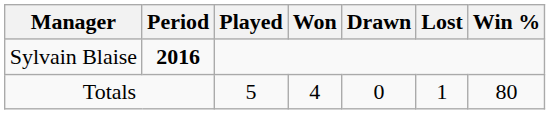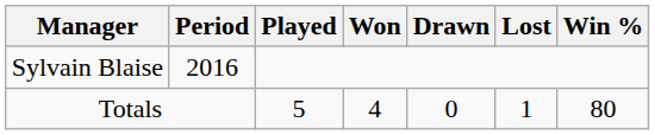 <table class="wikitable sortable" style="text-align:center;">
 <tr>
 <th>Manager</th>
 <th>Period</th>
 <th>Played</th>
 <th>Won</th>
 <th>Drawn</th>
 <th>Lost</th>
 <th>Win %</th>
 </tr>
 <tr>
 <td style="text-align: left;"> Sylvain Blaise</td>
-<td><strong>2016<br></strong></td>
+<td>2016<br></td>
 </tr>
 <tr>
 <td colspan="2">Totals</td>
 <td>5</td>
 <td>4</td>
 <td>0</td>
 <td>1</td>
 <td>80</td>
 </tr>
 </table>
